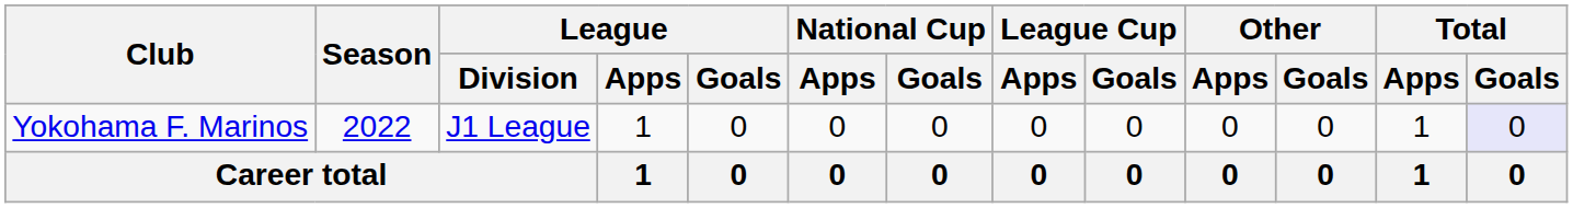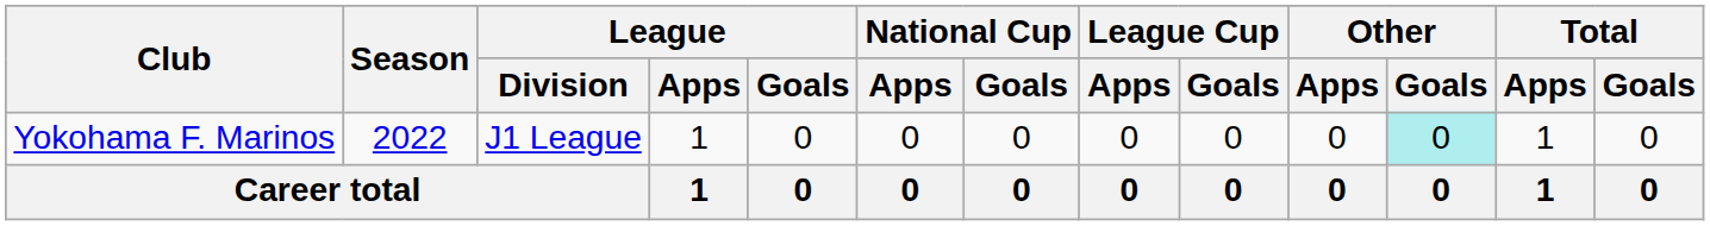 <table class="wikitable" style="text-align: center">
 <tr>
 <th rowspan="2">Club</th>
 <th rowspan="2">Season</th>
 <th colspan="3">League</th>
 <th colspan="2">National Cup</th>
 <th colspan="2">League Cup</th>
 <th colspan="2">Other</th>
 <th colspan="2">Total</th>
 </tr>
 <tr>
 <th>Division</th>
 <th>Apps</th>
 <th>Goals</th>
 <th>Apps</th>
 <th>Goals</th>
 <th>Apps</th>
 <th>Goals</th>
 <th>Apps</th>
 <th>Goals</th>
 <th>Apps</th>
 <th>Goals</th>
 </tr>
 <tr>
 <td><a href='#'>Yokohama F. Marinos</a></td>
 <td><a href='#'>2022</a></td>
 <td><a href='#'>J1 League</a></td>
 <td>1</td>
 <td>0</td>
 <td>0</td>
 <td>0</td>
 <td>0</td>
 <td>0</td>
 <td>0</td>
+<td style="background: paleturquoise;">0</td>
+<td>1</td>
 <td>0</td>
-<td>1</td>
-<td style="background: lavender;">0</td>
 </tr>
 <tr>
 <th colspan=3>Career total</th>
 <th>1</th>
 <th>0</th>
 <th>0</th>
 <th>0</th>
 <th>0</th>
 <th>0</th>
 <th>0</th>
 <th>0</th>
 <th>1</th>
 <th>0</th>
 </tr>
 </table>
